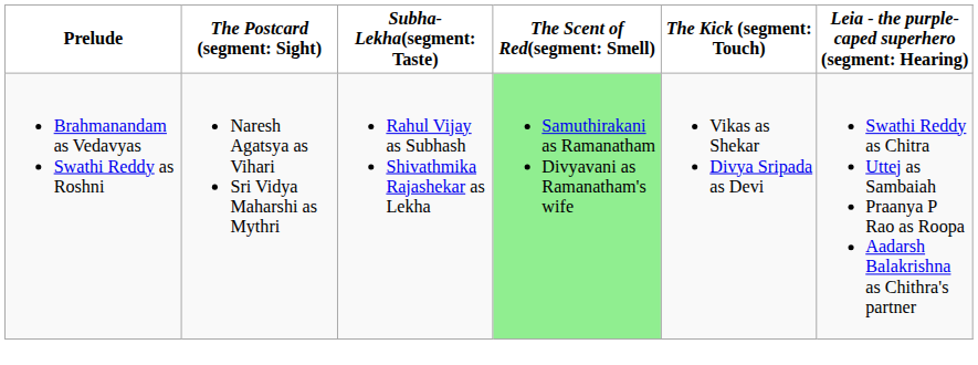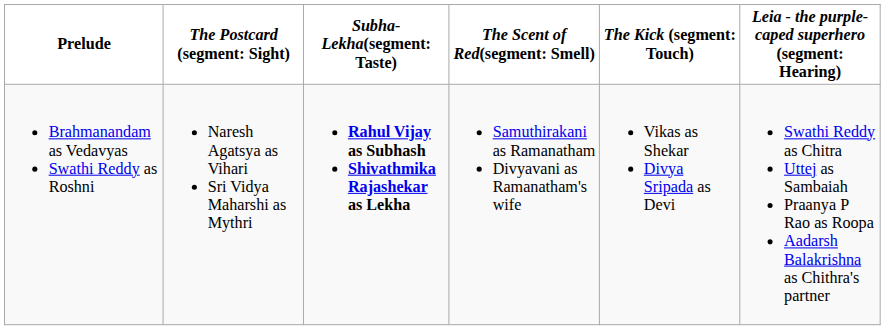 <table class=wikitable>
 <tr>
 <th style="background:#ffffff; width:15%">Prelude</th>
 <th style="background:#ffffff; width:15%"><em>The Postcard</em> (segment: Sight)</th>
 <th style="background:#ffffff; width:15%"><em>Subha-Lekha</em>(segment: Taste)</th>
 <th style="background:#ffffff; width:15%"><em>The Scent of Red</em>(segment: Smell)</th>
 <th style="background:#ffffff; width:15%"><em>The Kick</em> (segment: Touch)</th>
 <th style="background:#ffffff; width:15%"><em>Leia - the purple-caped superhero</em> (segment: Hearing)</th>
 </tr>
 <tr>
 <td valign="top"><br><ul><li><a href='#'>Brahmanandam</a> as Vedavyas</li><li><a href='#'>Swathi Reddy</a> as Roshni</li></ul></td>
 <td valign="top"><br><ul><li>Naresh Agatsya as Vihari</li><li>Sri Vidya Maharshi as Mythri</li></ul></td>
-<td valign="top"><br><ul><li><a href='#'>Rahul Vijay</a> as Subhash</li><li><a href='#'>Shivathmika Rajashekar</a> as Lekha</li></ul></td>
-<td valign="top" style="background: lightgreen;"><br><ul><li><a href='#'>Samuthirakani</a> as Ramanatham</li><li>Divyavani as Ramanatham's wife</li></ul></td>
+<td valign="top"><strong><br><ul><li><a href='#'>Rahul Vijay</a> as Subhash</li><li><a href='#'>Shivathmika Rajashekar</a> as Lekha</li></ul></strong></td>
+<td valign="top"><br><ul><li><a href='#'>Samuthirakani</a> as Ramanatham</li><li>Divyavani as Ramanatham's wife</li></ul></td>
 <td valign="top"><br><ul><li>Vikas as Shekar</li><li><a href='#'>Divya Sripada</a> as Devi</li></ul></td>
 <td valign="top"><br><ul><li><a href='#'>Swathi Reddy</a> as Chitra</li><li><a href='#'>Uttej</a> as Sambaiah</li><li>Praanya P Rao as Roopa</li><li><a href='#'>Aadarsh Balakrishna</a> as Chithra's partner</li></ul></td>
 </tr>
 </table>
